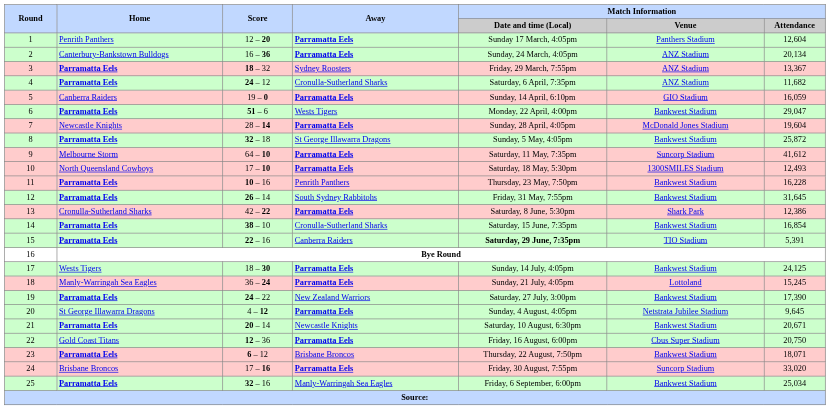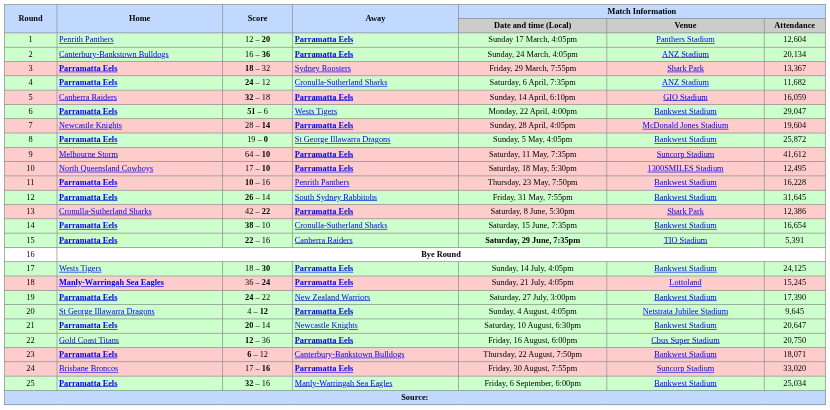 <table border="1" cellpadding="3" cellspacing="0" style="border-collapse:collapse; font-size:80%; text-align:center; width:100%;">
 <tr style="background:#c1d8ff;">
 <th rowspan="2" style="width:6%;">Round</th>
 <th rowspan="2" style="width:19%;">Home</th>
 <th rowspan="2" style="width:8%;">Score</th>
 <th rowspan="2" style="width:19%;">Away</th>
 <th colspan=6>Match Information</th>
 </tr>
 <tr style="background:#ccc;">
 <th width=17%>Date and time (Local)</th>
 <th width=18%>Venue</th>
 <th width=7%>Attendance</th>
 </tr>
 <tr style="text-align:center; background:#cfc;">
 <td align=center>1</td>
 <td style="text-align:left;"> <a href='#'>Penrith Panthers</a></td>
 <td>12 – <strong>20</strong></td>
 <td style="text-align:left;"> <strong><a href='#'>Parramatta Eels</a></strong></td>
 <td>Sunday 17 March, 4:05pm</td>
 <td><a href='#'>Panthers Stadium</a></td>
 <td>12,604</td>
 </tr>
 <tr style="text-align:center; background:#cfc;">
 <td align=center>2</td>
 <td style="text-align:left;"> <a href='#'>Canterbury-Bankstown Bulldogs</a></td>
 <td>16 – <strong>36</strong></td>
 <td style="text-align:left;"> <strong><a href='#'>Parramatta Eels</a></strong></td>
 <td>Sunday, 24 March, 4:05pm</td>
 <td><a href='#'>ANZ Stadium</a></td>
 <td>20,134</td>
 </tr>
 <tr style="text-align:center; background:#fcc">
 <td align=center>3</td>
 <td align="left"> <strong><a href='#'>Parramatta Eels</a></strong></td>
 <td><strong>18</strong> – 32</td>
 <td align="left"> <a href='#'>Sydney Roosters</a></td>
 <td>Friday, 29 March, 7:55pm</td>
-<td><a href='#'>ANZ Stadium</a></td>
+<td><a href='#'>Shark Park</a></td>
 <td>13,367</td>
 </tr>
 <tr style="text-align:center; background:#cfc;">
 <td align=center>4</td>
 <td align="left"> <strong><a href='#'>Parramatta Eels</a></strong></td>
 <td><strong>24</strong> – 12</td>
 <td align="left"> <a href='#'>Cronulla-Sutherland Sharks</a></td>
 <td>Saturday, 6 April, 7:35pm</td>
 <td><a href='#'>ANZ Stadium</a></td>
 <td>11,682</td>
 </tr>
 <tr style="text-align:center; background:#fcc">
 <td align=center>5</td>
 <td align="left"> <a href='#'>Canberra Raiders</a></td>
-<td>19 – <strong>0</strong></td>
+<td><strong>32</strong> – 18</td>
 <td align="left"> <strong><a href='#'>Parramatta Eels</a></strong></td>
 <td>Sunday, 14 April, 6:10pm</td>
 <td><a href='#'>GIO Stadium</a></td>
 <td>16,059</td>
 </tr>
 <tr style="text-align:center; background:#cfc;">
 <td align=center>6</td>
 <td align="left"> <strong><a href='#'>Parramatta Eels</a></strong></td>
 <td><strong>51</strong> – 6</td>
 <td align="left"> <a href='#'>Wests Tigers</a></td>
 <td>Monday, 22 April, 4:00pm</td>
 <td><a href='#'>Bankwest Stadium</a></td>
 <td>29,047</td>
 </tr>
 <tr style="text-align:center; background:#fcc">
 <td align=center>7</td>
 <td align="left"> <a href='#'>Newcastle Knights</a></td>
 <td>28 – <strong>14</strong></td>
 <td align="left"> <strong><a href='#'>Parramatta Eels</a></strong></td>
 <td>Sunday, 28 April, 4:05pm</td>
 <td><a href='#'>McDonald Jones Stadium</a></td>
 <td>19,604</td>
 </tr>
 <tr style="text-align:center; background:#cfc;">
 <td align=center>8</td>
 <td align="left"> <strong><a href='#'>Parramatta Eels</a></strong></td>
-<td><strong>32</strong> – 18</td>
+<td>19 – <strong>0</strong></td>
 <td align="left"> <a href='#'>St George Illawarra Dragons</a></td>
 <td>Sunday, 5 May, 4:05pm</td>
 <td><a href='#'>Bankwest Stadium</a></td>
 <td>25,872</td>
 </tr>
 <tr style="text-align:center; background:#fcc">
 <td align=center>9</td>
 <td align="left"> <a href='#'>Melbourne Storm</a></td>
 <td>64 – <strong>10</strong></td>
 <td align="left"> <strong><a href='#'>Parramatta Eels</a></strong></td>
 <td>Saturday, 11 May, 7:35pm</td>
 <td><a href='#'>Suncorp Stadium</a></td>
 <td>41,612</td>
 </tr>
 <tr style="text-align:center; background:#fcc">
 <td align=center>10</td>
 <td align="left"> <a href='#'>North Queensland Cowboys</a></td>
 <td>17 – <strong>10</strong></td>
 <td align="left"> <strong><a href='#'>Parramatta Eels</a></strong></td>
 <td>Saturday, 18 May, 5:30pm</td>
 <td><a href='#'>1300SMILES Stadium</a></td>
-<td>12,493</td>
+<td>12,495</td>
 </tr>
 <tr style="text-align:center; background:#fcc">
 <td align=center>11</td>
 <td align="left"> <strong><a href='#'>Parramatta Eels</a></strong></td>
 <td><strong>10</strong> – 16</td>
 <td align="left"> <a href='#'>Penrith Panthers</a></td>
 <td>Thursday, 23 May, 7:50pm</td>
 <td><a href='#'>Bankwest Stadium</a></td>
 <td>16,228</td>
 </tr>
 <tr style="text-align:center; background:#cfc;">
 <td align=center>12</td>
 <td align="left"> <strong><a href='#'>Parramatta Eels</a></strong></td>
 <td><strong>26</strong> – 14</td>
 <td align="left"> <a href='#'>South Sydney Rabbitohs</a></td>
 <td>Friday, 31 May, 7:55pm</td>
 <td><a href='#'>Bankwest Stadium</a></td>
 <td>31,645</td>
 </tr>
 <tr style="text-align:center; background:#fcc">
 <td align=center>13</td>
 <td align="left"> <a href='#'>Cronulla-Sutherland Sharks</a></td>
 <td>42 – <strong>22</strong></td>
 <td align="left"> <strong><a href='#'>Parramatta Eels</a></strong></td>
 <td>Saturday, 8 June, 5:30pm</td>
 <td><a href='#'>Shark Park</a></td>
 <td>12,386</td>
 </tr>
 <tr style="text-align:center; background:#cfc;">
 <td align=center>14</td>
 <td align="left"> <strong><a href='#'>Parramatta Eels</a></strong></td>
 <td><strong>38</strong> – 10</td>
 <td align="left"> <a href='#'>Cronulla-Sutherland Sharks</a></td>
 <td>Saturday, 15 June, 7:35pm</td>
 <td><a href='#'>Bankwest Stadium</a></td>
-<td>16,854</td>
+<td>16,654</td>
 </tr>
 <tr style="text-align:center; background:#cfc;">
 <td align=center>15</td>
 <td align="left"> <strong><a href='#'>Parramatta Eels</a></strong></td>
 <td><strong>22</strong> – 16</td>
 <td align="left"> <a href='#'>Canberra Raiders</a></td>
 <td><strong>Saturday, 29 June, 7:35pm</strong></td>
 <td><a href='#'>TIO Stadium</a></td>
 <td>5,391</td>
 </tr>
 <tr>
 <td>16</td>
 <td colspan="7" align="center"><strong>Bye Round</strong></td>
 </tr>
 <tr style="text-align:center; background:#cfc;">
 <td>17</td>
 <td style="text-align:left;"> <a href='#'>Wests Tigers</a></td>
 <td>18 – <strong>30</strong></td>
 <td style="text-align:left;"> <strong><a href='#'>Parramatta Eels</a></strong></td>
 <td>Sunday, 14 July, 4:05pm</td>
 <td><a href='#'>Bankwest Stadium</a></td>
 <td>24,125</td>
 </tr>
 <tr style="text-align:center; background:#fcc">
 <td>18</td>
-<td style="text-align:left;"> <a href='#'>Manly-Warringah Sea Eagles</a></td>
+<td style="text-align:left;"><strong> <a href='#'>Manly-Warringah Sea Eagles</a></strong></td>
 <td>36 – <strong>24</strong></td>
 <td style="text-align:left;"> <strong><a href='#'>Parramatta Eels</a></strong></td>
 <td>Sunday, 21 July, 4:05pm</td>
 <td><a href='#'>Lottoland</a></td>
 <td>15,245</td>
 </tr>
 <tr style="text-align:center; background:#cfc;">
 <td>19</td>
 <td align="left"> <strong><a href='#'>Parramatta Eels</a></strong></td>
 <td><strong>24</strong> – 22</td>
 <td align="left"> <a href='#'>New Zealand Warriors</a></td>
 <td>Saturday, 27 July, 3:00pm</td>
 <td><a href='#'>Bankwest Stadium</a></td>
 <td>17,390</td>
 </tr>
 <tr style="text-align:center; background:#cfc;">
 <td>20</td>
 <td align="left"> <a href='#'>St George Illawarra Dragons</a></td>
 <td>4 – <strong>12</strong></td>
 <td align="left"> <strong><a href='#'>Parramatta Eels</a></strong></td>
 <td>Sunday, 4 August, 4:05pm</td>
 <td><a href='#'>Netstrata Jubilee Stadium</a></td>
 <td>9,645</td>
 </tr>
 <tr style="text-align:center; background:#cfc;">
 <td>21</td>
 <td align="left"> <strong><a href='#'>Parramatta Eels</a></strong></td>
 <td><strong>20</strong> – 14</td>
 <td align="left"> <a href='#'>Newcastle Knights</a></td>
 <td>Saturday, 10 August, 6:30pm</td>
 <td><a href='#'>Bankwest Stadium</a></td>
-<td>20,671</td>
+<td>20,647</td>
 </tr>
 <tr style="text-align:center; background:#cfc;">
 <td>22</td>
 <td align="left"> <a href='#'>Gold Coast Titans</a></td>
 <td><strong>12</strong> – 36</td>
 <td align="left"> <strong><a href='#'>Parramatta Eels</a></strong></td>
 <td>Friday, 16 August, 6:00pm</td>
 <td><a href='#'>Cbus Super Stadium</a></td>
 <td>20,750</td>
 </tr>
 <tr style="text-align:center; background:#fcc;">
 <td>23</td>
 <td align="left"> <strong><a href='#'>Parramatta Eels</a></strong></td>
 <td><strong>6</strong> – 12</td>
-<td align="left"> <a href='#'>Brisbane Broncos</a></td>
+<td align="left"> <a href='#'>Canterbury-Bankstown Bulldogs</a></td>
 <td>Thursday, 22 August, 7:50pm</td>
 <td><a href='#'>Bankwest Stadium</a></td>
 <td>18,071</td>
 </tr>
 <tr style="text-align:center; background:#fcc;">
 <td>24</td>
 <td align="left"> <a href='#'>Brisbane Broncos</a></td>
 <td>17 – <strong>16</strong></td>
 <td align="left"> <strong><a href='#'>Parramatta Eels</a></strong></td>
 <td>Friday, 30 August, 7:55pm</td>
 <td><a href='#'>Suncorp Stadium</a></td>
 <td>33,020</td>
 </tr>
 <tr style="text-align:center; background:#cfc;">
 <td>25</td>
 <td style="text-align:left;"> <strong><a href='#'>Parramatta Eels</a></strong></td>
 <td><strong>32</strong> – 16</td>
 <td style="text-align:left;"> <a href='#'>Manly-Warringah Sea Eagles</a></td>
 <td>Friday, 6 September, 6:00pm</td>
 <td><a href='#'>Bankwest Stadium</a></td>
 <td>25,034</td>
 </tr>
 <tr style="background:#c1d8ff;">
 <th colspan=7>Source:</th>
 </tr>
 </table>
